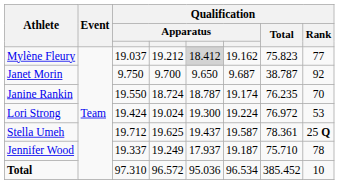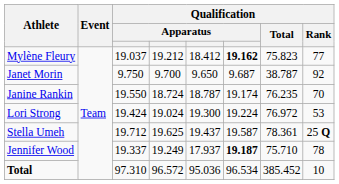 <table class="wikitable" style="font-size:90%">
 <tr>
 <th rowspan=3>Athlete</th>
 <th rowspan=3>Event</th>
 <th colspan=6>Qualification</th>
 </tr>
 <tr style="font-size:95%">
 <th colspan=4>Apparatus</th>
 <th rowspan=2>Total</th>
 <th rowspan=2>Rank</th>
 </tr>
 <tr style="font-size:95%">
 <th></th>
 <th></th>
 <th></th>
 <th></th>
 </tr>
 <tr align=center>
 <td align=left><a href='#'>Mylène Fleury</a></td>
 <td align=left rowspan=7><a href='#'>Team</a></td>
 <td>19.037</td>
 <td>19.212</td>
-<td style="background: lightgrey;">18.412</td>
-<td>19.162</td>
+<td>18.412</td>
+<td><strong>19.162</strong></td>
 <td>75.823</td>
 <td>77</td>
 </tr>
 <tr align=center>
 <td align=left><a href='#'>Janet Morin</a></td>
 <td>9.750</td>
 <td>9.700</td>
 <td>9.650</td>
 <td>9.687</td>
 <td>38.787</td>
 <td>92</td>
 </tr>
 <tr align=center>
 <td align=left><a href='#'>Janine Rankin</a></td>
 <td>19.550</td>
 <td>18.724</td>
 <td>18.787</td>
 <td>19.174</td>
 <td>76.235</td>
 <td>70</td>
 </tr>
 <tr align=center>
 <td align=left><a href='#'>Lori Strong</a></td>
 <td>19.424</td>
 <td>19.024</td>
 <td>19.300</td>
 <td>19.224</td>
 <td>76.972</td>
 <td>53</td>
 </tr>
 <tr align=center>
 <td align=left><a href='#'>Stella Umeh</a></td>
 <td>19.712</td>
 <td>19.625</td>
 <td>19.437</td>
 <td>19.587</td>
 <td>78.361</td>
 <td>25 <strong>Q</strong></td>
 </tr>
 <tr align=center>
 <td align=left><a href='#'>Jennifer Wood</a></td>
 <td>19.337</td>
 <td>19.249</td>
 <td>17.937</td>
-<td>19.187</td>
+<td><strong>19.187</strong></td>
 <td>75.710</td>
 <td>78</td>
 </tr>
 <tr align=center>
 <td align=left><strong>Total</strong></td>
 <td>97.310</td>
 <td>96.572</td>
 <td>95.036</td>
 <td>96.534</td>
 <td>385.452</td>
 <td>10</td>
 </tr>
 </table>
